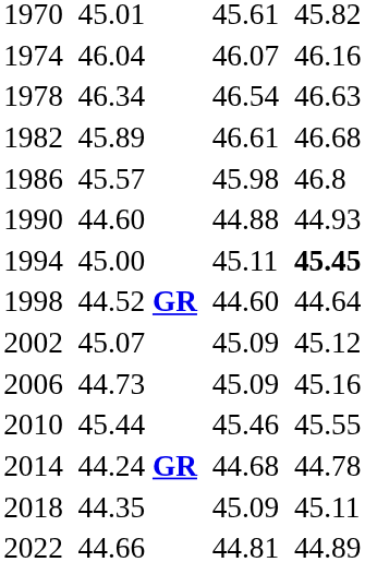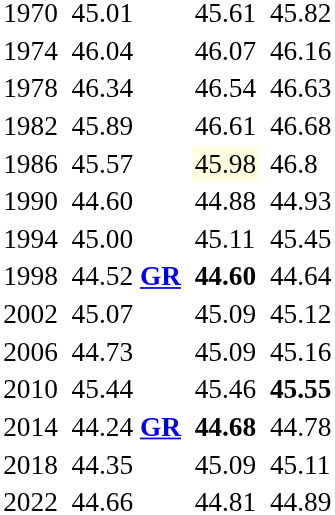 <table>
 <tr>
 <td>1970</td>
 <td></td>
 <td>45.01</td>
 <td></td>
 <td>45.61</td>
 <td></td>
 <td>45.82</td>
 </tr>
 <tr>
 <td>1974</td>
 <td></td>
 <td>46.04</td>
 <td></td>
 <td>46.07</td>
 <td></td>
 <td>46.16</td>
 </tr>
 <tr>
 <td>1978</td>
 <td></td>
 <td>46.34</td>
 <td></td>
 <td>46.54</td>
 <td></td>
 <td>46.63</td>
 </tr>
 <tr>
 <td>1982</td>
 <td></td>
 <td>45.89</td>
 <td></td>
 <td>46.61</td>
 <td></td>
 <td>46.68</td>
 </tr>
 <tr>
 <td>1986</td>
 <td></td>
 <td>45.57</td>
 <td></td>
-<td>45.98</td>
+<td style="background: lightyellow;">45.98</td>
 <td></td>
 <td>46.8</td>
 </tr>
 <tr>
 <td>1990</td>
 <td></td>
 <td>44.60</td>
 <td></td>
 <td>44.88</td>
 <td></td>
 <td>44.93</td>
 </tr>
 <tr>
 <td>1994</td>
 <td></td>
 <td>45.00</td>
 <td></td>
 <td>45.11</td>
 <td></td>
-<td><strong>45.45</strong></td>
+<td>45.45</td>
 </tr>
 <tr>
 <td>1998</td>
 <td></td>
 <td>44.52 <strong><a href='#'>GR</a></strong></td>
 <td></td>
-<td>44.60</td>
+<td><strong>44.60</strong></td>
 <td></td>
 <td>44.64</td>
 </tr>
 <tr>
 <td>2002</td>
 <td></td>
 <td>45.07</td>
 <td></td>
 <td>45.09</td>
 <td></td>
 <td>45.12</td>
 </tr>
 <tr>
 <td>2006</td>
 <td></td>
 <td>44.73</td>
 <td></td>
 <td>45.09</td>
 <td></td>
 <td>45.16</td>
 </tr>
 <tr>
 <td>2010</td>
 <td></td>
 <td>45.44</td>
 <td></td>
 <td>45.46</td>
 <td></td>
-<td>45.55</td>
+<td><strong>45.55</strong></td>
 </tr>
 <tr>
 <td>2014</td>
 <td></td>
 <td>44.24 <strong><a href='#'>GR</a></strong></td>
 <td></td>
-<td>44.68</td>
+<td><strong>44.68</strong></td>
 <td></td>
 <td>44.78</td>
 </tr>
 <tr>
 <td>2018</td>
 <td></td>
 <td>44.35</td>
 <td></td>
 <td>45.09</td>
 <td></td>
 <td>45.11</td>
 </tr>
 <tr>
 <td>2022</td>
 <td></td>
 <td>44.66</td>
 <td></td>
 <td>44.81</td>
 <td></td>
 <td>44.89</td>
 </tr>
 </table>
